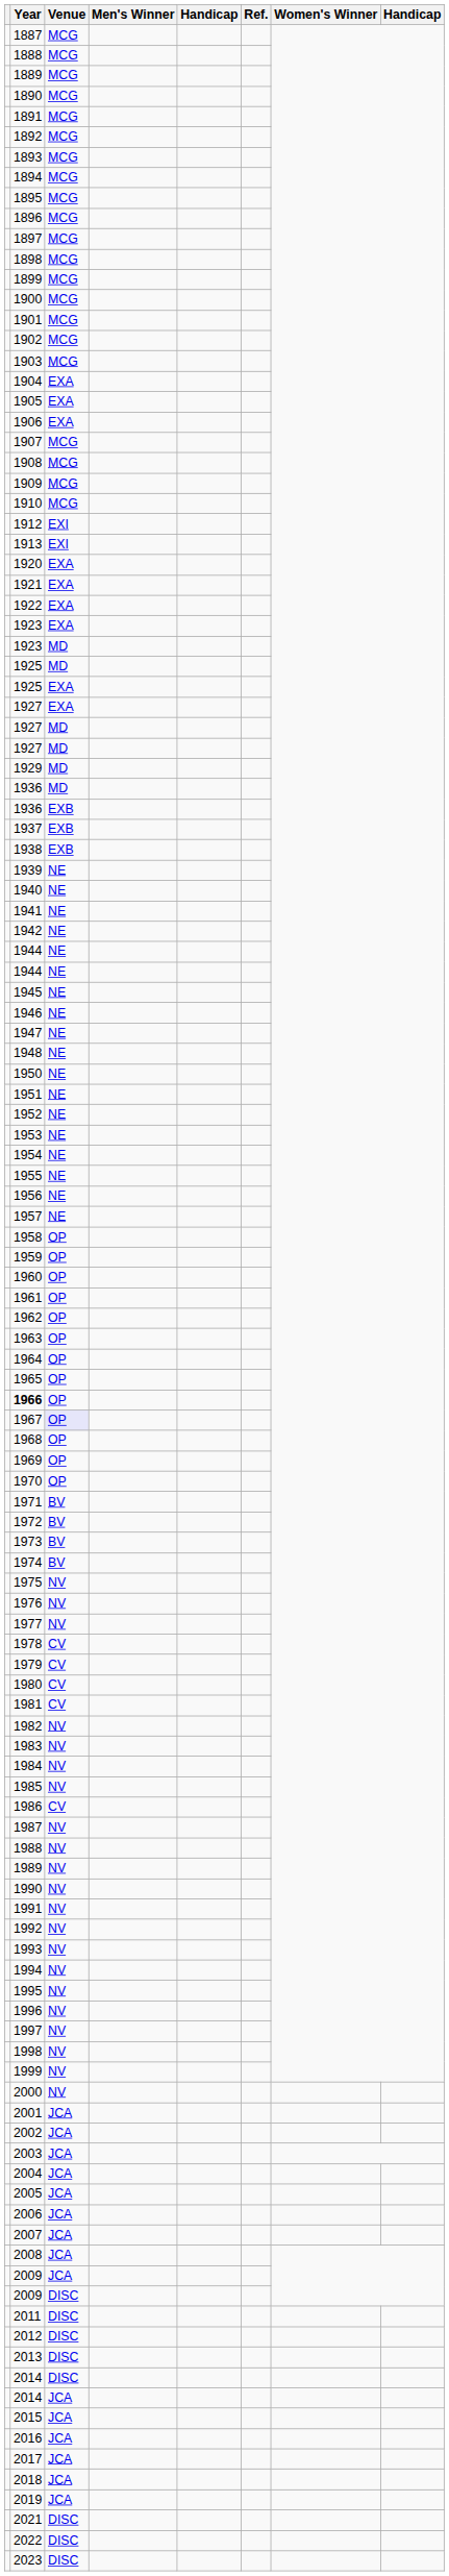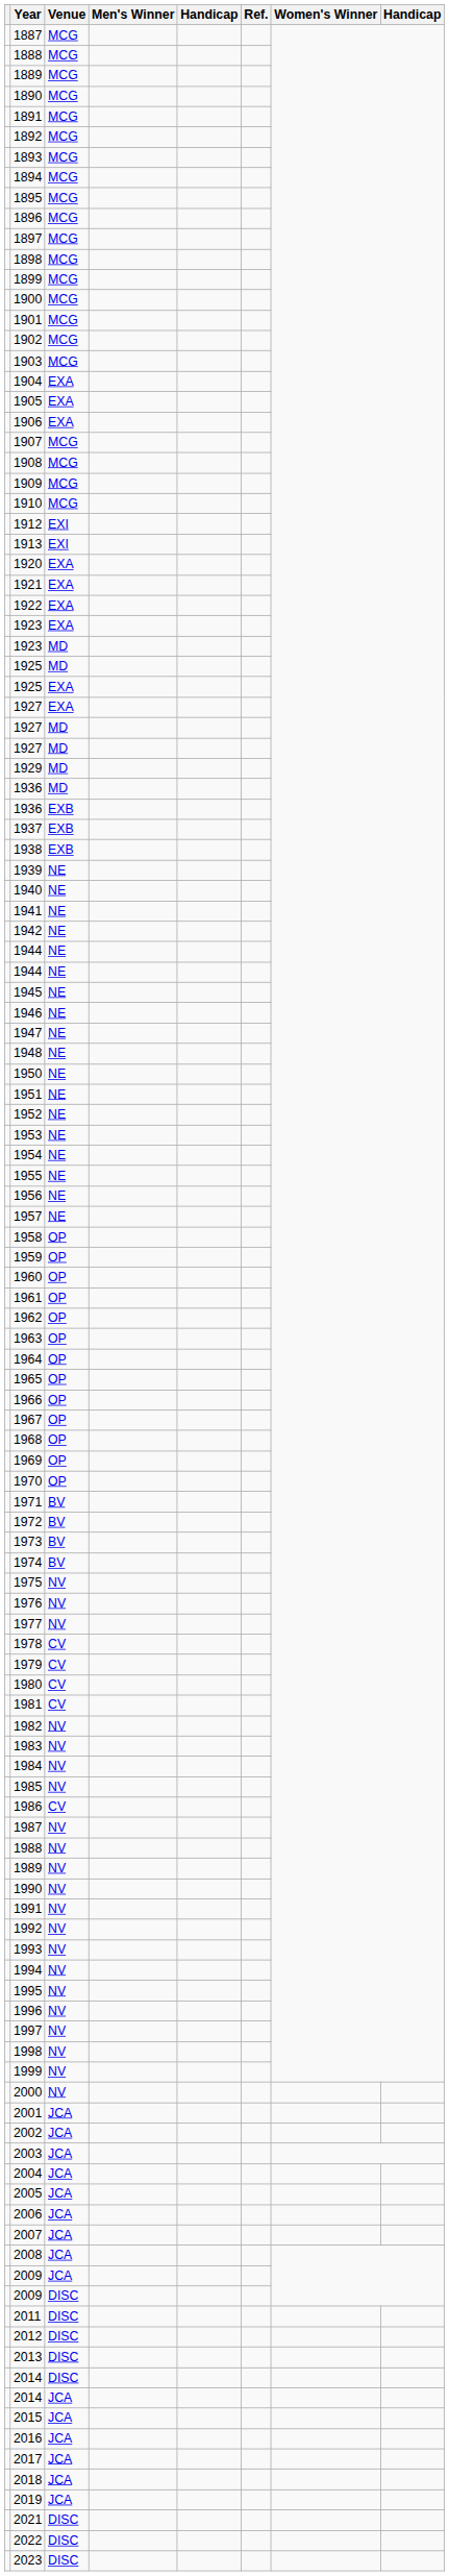 <table class="wikitable sortable">
 <tr>
 <th scope=col></th>
 <th scope=col>Year</th>
 <th scope=col>Venue</th>
 <th scope=col>Men's Winner</th>
 <th scope=col>Handicap</th>
 <th class=unsortable>Ref.</th>
 <th scope=col>Women's Winner</th>
 <th scope=col>Handicap</th>
 </tr>
 <tr>
 <td></td>
 <td>1887 </td>
 <td><a href='#'>MCG</a></td>
 <td></td>
 <td></td>
 <td></td>
 </tr>
 <tr>
 <td></td>
 <td>1888 </td>
 <td><a href='#'>MCG</a></td>
 <td></td>
 <td></td>
 <td></td>
 </tr>
 <tr>
 <td></td>
 <td>1889 </td>
 <td><a href='#'>MCG</a></td>
 <td></td>
 <td></td>
 <td></td>
 </tr>
 <tr>
 <td></td>
 <td>1890 </td>
 <td><a href='#'>MCG</a></td>
 <td></td>
 <td></td>
 <td></td>
 </tr>
 <tr>
 <td></td>
 <td>1891 </td>
 <td><a href='#'>MCG</a></td>
 <td></td>
 <td></td>
 <td></td>
 </tr>
 <tr>
 <td></td>
 <td>1892 </td>
 <td><a href='#'>MCG</a></td>
 <td></td>
 <td></td>
 <td></td>
 </tr>
 <tr>
 <td></td>
 <td>1893</td>
 <td><a href='#'>MCG</a></td>
 <td></td>
 <td></td>
 <td></td>
 </tr>
 <tr>
 <td></td>
 <td>1894</td>
 <td><a href='#'>MCG</a></td>
 <td></td>
 <td></td>
 <td></td>
 </tr>
 <tr>
 <td></td>
 <td>1895</td>
 <td><a href='#'>MCG</a></td>
 <td></td>
 <td></td>
 <td></td>
 </tr>
 <tr>
 <td></td>
 <td>1896</td>
 <td><a href='#'>MCG</a></td>
 <td></td>
 <td></td>
 <td></td>
 </tr>
 <tr>
 <td></td>
 <td>1897</td>
 <td><a href='#'>MCG</a></td>
 <td></td>
 <td></td>
 <td></td>
 </tr>
 <tr>
 <td></td>
 <td>1898</td>
 <td><a href='#'>MCG</a></td>
 <td></td>
 <td></td>
 <td></td>
 </tr>
 <tr>
 <td></td>
 <td>1899</td>
 <td><a href='#'>MCG</a></td>
 <td></td>
 <td></td>
 <td></td>
 </tr>
 <tr>
 <td></td>
 <td>1900</td>
 <td><a href='#'>MCG</a></td>
 <td></td>
 <td></td>
 <td></td>
 </tr>
 <tr>
 <td></td>
 <td>1901</td>
 <td><a href='#'>MCG</a></td>
 <td></td>
 <td></td>
 <td></td>
 </tr>
 <tr>
 <td></td>
 <td>1902</td>
 <td><a href='#'>MCG</a></td>
 <td></td>
 <td></td>
 <td></td>
 </tr>
 <tr>
 <td></td>
 <td>1903</td>
 <td><a href='#'>MCG</a></td>
 <td></td>
 <td></td>
 <td></td>
 </tr>
 <tr>
 <td></td>
 <td>1904</td>
 <td><a href='#'>EXA</a></td>
 <td></td>
 <td></td>
 <td></td>
 </tr>
 <tr>
 <td></td>
 <td>1905</td>
 <td><a href='#'>EXA</a></td>
 <td></td>
 <td></td>
 <td></td>
 </tr>
 <tr>
 <td></td>
 <td>1906</td>
 <td><a href='#'>EXA</a></td>
 <td></td>
 <td></td>
 <td></td>
 </tr>
 <tr>
 <td></td>
 <td>1907</td>
 <td><a href='#'>MCG</a></td>
 <td></td>
 <td></td>
 <td></td>
 </tr>
 <tr>
 <td></td>
 <td>1908</td>
 <td><a href='#'>MCG</a></td>
 <td></td>
 <td></td>
 <td></td>
 </tr>
 <tr>
 <td></td>
 <td>1909</td>
 <td><a href='#'>MCG</a></td>
 <td></td>
 <td></td>
 <td></td>
 </tr>
 <tr>
 <td></td>
 <td>1910</td>
 <td><a href='#'>MCG</a></td>
 <td></td>
 <td></td>
 <td></td>
 </tr>
 <tr>
 <td></td>
 <td>1912</td>
 <td><a href='#'>EXI</a></td>
 <td></td>
 <td></td>
 <td></td>
 </tr>
 <tr>
 <td></td>
 <td>1913</td>
 <td><a href='#'>EXI</a></td>
 <td></td>
 <td></td>
 <td></td>
 </tr>
 <tr>
 <td></td>
 <td>1920</td>
 <td><a href='#'>EXA</a></td>
 <td></td>
 <td></td>
 <td></td>
 </tr>
 <tr>
 <td></td>
 <td>1921</td>
 <td><a href='#'>EXA</a></td>
 <td></td>
 <td></td>
 <td></td>
 </tr>
 <tr>
 <td></td>
 <td>1922</td>
 <td><a href='#'>EXA</a></td>
 <td></td>
 <td></td>
 <td></td>
 </tr>
 <tr>
 <td></td>
 <td>1923</td>
 <td><a href='#'>EXA</a></td>
 <td></td>
 <td></td>
 <td></td>
 </tr>
 <tr>
 <td></td>
 <td>1923</td>
 <td><a href='#'>MD</a></td>
 <td></td>
 <td></td>
 <td></td>
 </tr>
 <tr>
 <td></td>
 <td>1925</td>
 <td><a href='#'>MD</a></td>
 <td></td>
 <td></td>
 <td></td>
 </tr>
 <tr>
 <td></td>
 <td>1925</td>
 <td><a href='#'>EXA</a></td>
 <td></td>
 <td></td>
 <td></td>
 </tr>
 <tr>
 <td></td>
 <td>1927 </td>
 <td><a href='#'>EXA</a></td>
 <td></td>
 <td></td>
 <td></td>
 </tr>
 <tr>
 <td></td>
 <td>1927 </td>
 <td><a href='#'>MD</a></td>
 <td></td>
 <td></td>
 <td></td>
 </tr>
 <tr>
 <td></td>
 <td>1927 </td>
 <td><a href='#'>MD</a></td>
 <td></td>
 <td></td>
 <td></td>
 </tr>
 <tr>
 <td></td>
 <td>1929</td>
 <td><a href='#'>MD</a></td>
 <td></td>
 <td></td>
 <td></td>
 </tr>
 <tr>
 <td></td>
 <td>1936 </td>
 <td><a href='#'>MD</a></td>
 <td></td>
 <td></td>
 <td></td>
 </tr>
 <tr>
 <td></td>
 <td>1936 </td>
 <td><a href='#'>EXB</a></td>
 <td></td>
 <td></td>
 <td></td>
 </tr>
 <tr>
 <td></td>
 <td>1937</td>
 <td><a href='#'>EXB</a></td>
 <td></td>
 <td></td>
 <td></td>
 </tr>
 <tr>
 <td></td>
 <td>1938</td>
 <td><a href='#'>EXB</a></td>
 <td></td>
 <td></td>
 <td></td>
 </tr>
 <tr>
 <td></td>
 <td>1939</td>
 <td><a href='#'>NE</a></td>
 <td></td>
 <td></td>
 <td></td>
 </tr>
 <tr>
 <td></td>
 <td>1940</td>
 <td><a href='#'>NE</a></td>
 <td></td>
 <td></td>
 <td></td>
 </tr>
 <tr>
 <td></td>
 <td>1941</td>
 <td><a href='#'>NE</a></td>
 <td></td>
 <td></td>
 <td></td>
 </tr>
 <tr>
 <td></td>
 <td>1942</td>
 <td><a href='#'>NE</a></td>
 <td></td>
 <td></td>
 <td></td>
 </tr>
 <tr>
 <td></td>
 <td>1944 </td>
 <td><a href='#'>NE</a></td>
 <td></td>
 <td></td>
 <td></td>
 </tr>
 <tr>
 <td></td>
 <td>1944 </td>
 <td><a href='#'>NE</a></td>
 <td> </td>
 <td></td>
 <td></td>
 </tr>
 <tr>
 <td></td>
 <td>1945</td>
 <td><a href='#'>NE</a></td>
 <td></td>
 <td></td>
 <td></td>
 </tr>
 <tr>
 <td></td>
 <td>1946</td>
 <td><a href='#'>NE</a></td>
 <td></td>
 <td></td>
 <td></td>
 </tr>
 <tr>
 <td></td>
 <td>1947</td>
 <td><a href='#'>NE</a></td>
 <td></td>
 <td></td>
 <td></td>
 </tr>
 <tr>
 <td></td>
 <td>1948</td>
 <td><a href='#'>NE</a></td>
 <td></td>
 <td></td>
 <td></td>
 </tr>
 <tr>
 <td></td>
 <td>1950</td>
 <td><a href='#'>NE</a></td>
 <td></td>
 <td></td>
 <td></td>
 </tr>
 <tr>
 <td></td>
 <td>1951</td>
 <td><a href='#'>NE</a></td>
 <td></td>
 <td></td>
 <td></td>
 </tr>
 <tr>
 <td></td>
 <td>1952</td>
 <td><a href='#'>NE</a></td>
 <td></td>
 <td></td>
 <td></td>
 </tr>
 <tr>
 <td></td>
 <td>1953</td>
 <td><a href='#'>NE</a></td>
 <td></td>
 <td></td>
 <td></td>
 </tr>
 <tr>
 <td></td>
 <td>1954</td>
 <td><a href='#'>NE</a></td>
 <td></td>
 <td></td>
 <td></td>
 </tr>
 <tr>
 <td></td>
 <td>1955</td>
 <td><a href='#'>NE</a></td>
 <td></td>
 <td></td>
 <td></td>
 </tr>
 <tr>
 <td></td>
 <td>1956</td>
 <td><a href='#'>NE</a></td>
 <td></td>
 <td></td>
 <td></td>
 </tr>
 <tr>
 <td></td>
 <td>1957</td>
 <td><a href='#'>NE</a></td>
 <td></td>
 <td></td>
 <td></td>
 </tr>
 <tr>
 <td></td>
 <td>1958</td>
 <td><a href='#'>OP</a></td>
 <td></td>
 <td></td>
 <td></td>
 </tr>
 <tr>
 <td></td>
 <td>1959</td>
 <td><a href='#'>OP</a></td>
 <td></td>
 <td></td>
 <td></td>
 </tr>
 <tr>
 <td></td>
 <td>1960</td>
 <td><a href='#'>OP</a></td>
 <td></td>
 <td></td>
 <td></td>
 </tr>
 <tr>
 <td></td>
 <td>1961</td>
 <td><a href='#'>OP</a></td>
 <td></td>
 <td></td>
 <td></td>
 </tr>
 <tr>
 <td></td>
 <td>1962</td>
 <td><a href='#'>OP</a></td>
 <td></td>
 <td></td>
 <td></td>
 </tr>
 <tr>
 <td></td>
 <td>1963</td>
 <td><a href='#'>OP</a></td>
 <td></td>
 <td></td>
 <td></td>
 </tr>
 <tr>
 <td></td>
 <td>1964</td>
 <td><a href='#'>OP</a></td>
 <td></td>
 <td></td>
 <td></td>
 </tr>
 <tr>
 <td></td>
 <td>1965</td>
 <td><a href='#'>OP</a></td>
 <td></td>
 <td></td>
 <td></td>
 </tr>
 <tr>
 <td></td>
-<td><strong>1966</strong></td>
+<td>1966</td>
 <td><a href='#'>OP</a></td>
 <td></td>
 <td></td>
 <td></td>
 </tr>
 <tr>
 <td></td>
 <td>1967</td>
-<td style="background: lavender;"><a href='#'>OP</a></td>
+<td><a href='#'>OP</a></td>
 <td></td>
 <td></td>
 <td></td>
 </tr>
 <tr>
 <td></td>
 <td>1968</td>
 <td><a href='#'>OP</a></td>
 <td></td>
 <td></td>
 <td></td>
 </tr>
 <tr>
 <td></td>
 <td>1969</td>
 <td><a href='#'>OP</a></td>
 <td></td>
 <td></td>
 <td></td>
 </tr>
 <tr>
 <td></td>
 <td>1970</td>
 <td><a href='#'>OP</a></td>
 <td></td>
 <td></td>
 <td></td>
 </tr>
 <tr>
 <td></td>
 <td>1971</td>
 <td><a href='#'>BV</a></td>
 <td></td>
 <td></td>
 <td></td>
 </tr>
 <tr>
 <td></td>
 <td>1972</td>
 <td><a href='#'>BV</a></td>
 <td></td>
 <td></td>
 <td></td>
 </tr>
 <tr>
 <td></td>
 <td>1973</td>
 <td><a href='#'>BV</a></td>
 <td> </td>
 <td></td>
 <td></td>
 </tr>
 <tr>
 <td></td>
 <td>1974</td>
 <td><a href='#'>BV</a></td>
 <td></td>
 <td></td>
 <td></td>
 </tr>
 <tr>
 <td></td>
 <td>1975</td>
 <td><a href='#'>NV</a></td>
 <td></td>
 <td></td>
 <td></td>
 </tr>
 <tr>
 <td></td>
 <td>1976</td>
 <td><a href='#'>NV</a></td>
 <td></td>
 <td></td>
 <td></td>
 </tr>
 <tr>
 <td></td>
 <td>1977</td>
 <td><a href='#'>NV</a></td>
 <td></td>
 <td></td>
 <td></td>
 </tr>
 <tr>
 <td></td>
 <td>1978</td>
 <td><a href='#'>CV</a></td>
 <td> </td>
 <td></td>
 <td></td>
 </tr>
 <tr>
 <td></td>
 <td>1979</td>
 <td><a href='#'>CV</a></td>
 <td></td>
 <td></td>
 <td></td>
 </tr>
 <tr>
 <td></td>
 <td>1980</td>
 <td><a href='#'>CV</a></td>
 <td></td>
 <td></td>
 <td></td>
 </tr>
 <tr>
 <td></td>
 <td>1981</td>
 <td><a href='#'>CV</a></td>
 <td></td>
 <td></td>
 <td></td>
 </tr>
 <tr>
 <td></td>
 <td>1982</td>
 <td><a href='#'>NV</a></td>
 <td></td>
 <td></td>
 <td></td>
 </tr>
 <tr>
 <td></td>
 <td>1983</td>
 <td><a href='#'>NV</a></td>
 <td></td>
 <td></td>
 <td></td>
 </tr>
 <tr>
 <td></td>
 <td>1984</td>
 <td><a href='#'>NV</a></td>
 <td></td>
 <td></td>
 <td></td>
 </tr>
 <tr>
 <td></td>
 <td>1985</td>
 <td><a href='#'>NV</a></td>
 <td></td>
 <td></td>
 <td></td>
 </tr>
 <tr>
 <td></td>
 <td>1986</td>
 <td><a href='#'>CV</a></td>
 <td></td>
 <td></td>
 <td></td>
 </tr>
 <tr>
 <td></td>
 <td>1987</td>
 <td><a href='#'>NV</a></td>
 <td></td>
 <td></td>
 <td></td>
 </tr>
 <tr>
 <td></td>
 <td>1988</td>
 <td><a href='#'>NV</a></td>
 <td></td>
 <td></td>
 <td></td>
 </tr>
 <tr>
 <td></td>
 <td>1989</td>
 <td><a href='#'>NV</a></td>
 <td></td>
 <td></td>
 <td></td>
 </tr>
 <tr>
 <td></td>
 <td>1990</td>
 <td><a href='#'>NV</a></td>
 <td></td>
 <td></td>
 <td></td>
 </tr>
 <tr>
 <td></td>
 <td>1991</td>
 <td><a href='#'>NV</a></td>
 <td></td>
 <td></td>
 <td></td>
 </tr>
 <tr>
 <td></td>
 <td>1992</td>
 <td><a href='#'>NV</a></td>
 <td></td>
 <td></td>
 <td></td>
 </tr>
 <tr>
 <td></td>
 <td>1993</td>
 <td><a href='#'>NV</a></td>
 <td></td>
 <td></td>
 <td></td>
 </tr>
 <tr>
 <td></td>
 <td>1994</td>
 <td><a href='#'>NV</a></td>
 <td></td>
 <td></td>
 <td></td>
 </tr>
 <tr>
 <td></td>
 <td>1995</td>
 <td><a href='#'>NV</a></td>
 <td></td>
 <td></td>
 <td></td>
 </tr>
 <tr>
 <td></td>
 <td>1996</td>
 <td><a href='#'>NV</a></td>
 <td></td>
 <td></td>
 <td></td>
 </tr>
 <tr>
 <td></td>
 <td>1997</td>
 <td><a href='#'>NV</a></td>
 <td></td>
 <td></td>
 <td></td>
 </tr>
 <tr>
 <td></td>
 <td>1998</td>
 <td><a href='#'>NV</a></td>
 <td></td>
 <td></td>
 <td></td>
 </tr>
 <tr>
 <td></td>
 <td>1999</td>
 <td><a href='#'>NV</a></td>
 <td></td>
 <td></td>
 <td></td>
 </tr>
 <tr>
 <td></td>
 <td>2000</td>
 <td><a href='#'>NV</a></td>
 <td></td>
 <td></td>
 <td></td>
 <td></td>
 <td></td>
 </tr>
 <tr>
 <td></td>
 <td>2001</td>
 <td><a href='#'>JCA</a></td>
 <td></td>
 <td></td>
 <td></td>
 <td></td>
 <td></td>
 </tr>
 <tr>
 <td></td>
 <td>2002</td>
 <td><a href='#'>JCA</a></td>
 <td></td>
 <td></td>
 <td></td>
 <td></td>
 <td></td>
 </tr>
 <tr>
 <td></td>
 <td>2003</td>
 <td><a href='#'>JCA</a></td>
 <td></td>
 <td></td>
 <td></td>
 </tr>
 <tr>
 <td></td>
 <td>2004</td>
 <td><a href='#'>JCA</a></td>
 <td></td>
 <td></td>
 <td></td>
 <td></td>
 <td></td>
 </tr>
 <tr>
 <td></td>
 <td>2005</td>
 <td><a href='#'>JCA</a></td>
 <td></td>
 <td></td>
 <td></td>
 <td></td>
 <td> </td>
 </tr>
 <tr>
 <td></td>
 <td>2006</td>
 <td><a href='#'>JCA</a></td>
 <td></td>
 <td></td>
 <td></td>
 <td></td>
 <td></td>
 </tr>
 <tr>
 <td></td>
 <td>2007</td>
 <td><a href='#'>JCA</a></td>
 <td></td>
 <td></td>
 <td></td>
 <td></td>
 <td> </td>
 </tr>
 <tr>
 <td></td>
 <td>2008</td>
 <td><a href='#'>JCA</a></td>
 <td></td>
 <td></td>
 <td></td>
 </tr>
 <tr>
 <td></td>
 <td>2009 </td>
 <td><a href='#'>JCA</a></td>
 <td></td>
 <td></td>
 <td></td>
 </tr>
 <tr>
 <td></td>
 <td>2009 </td>
 <td><a href='#'>DISC</a></td>
 <td> </td>
 <td></td>
 <td></td>
 </tr>
 <tr>
 <td></td>
 <td>2011</td>
 <td><a href='#'>DISC</a></td>
 <td></td>
 <td></td>
 <td></td>
 <td></td>
 <td></td>
 </tr>
 <tr>
 <td></td>
 <td>2012</td>
 <td><a href='#'>DISC</a></td>
 <td></td>
 <td></td>
 <td></td>
 <td></td>
 <td></td>
 </tr>
 <tr>
 <td></td>
 <td>2013</td>
 <td><a href='#'>DISC</a></td>
 <td></td>
 <td></td>
 <td></td>
 <td></td>
 <td></td>
 </tr>
 <tr>
 <td></td>
 <td>2014 </td>
 <td><a href='#'>DISC</a></td>
 <td></td>
 <td></td>
 <td></td>
 <td></td>
 <td></td>
 </tr>
 <tr>
 <td></td>
 <td>2014 </td>
 <td><a href='#'>JCA</a></td>
 <td></td>
 <td></td>
 <td></td>
 <td></td>
 <td></td>
 </tr>
 <tr>
 <td></td>
 <td>2015</td>
 <td><a href='#'>JCA</a></td>
 <td></td>
 <td></td>
 <td></td>
 <td></td>
 <td></td>
 </tr>
 <tr>
 <td></td>
 <td>2016</td>
 <td><a href='#'>JCA</a></td>
 <td></td>
 <td></td>
 <td></td>
 <td></td>
 <td></td>
 </tr>
 <tr>
 <td></td>
 <td>2017</td>
 <td><a href='#'>JCA</a></td>
 <td></td>
 <td></td>
 <td></td>
 <td></td>
 <td></td>
 </tr>
 <tr>
 <td></td>
 <td>2018</td>
 <td><a href='#'>JCA</a></td>
 <td></td>
 <td></td>
 <td></td>
 <td></td>
 <td></td>
 </tr>
 <tr>
 <td></td>
 <td>2019</td>
 <td><a href='#'>JCA</a></td>
 <td></td>
 <td></td>
 <td></td>
 <td></td>
 <td></td>
 </tr>
 <tr>
 <td></td>
 <td>2021</td>
 <td><a href='#'>DISC</a></td>
 <td></td>
 <td></td>
 <td></td>
 <td></td>
 <td></td>
 </tr>
 <tr>
 <td></td>
 <td>2022</td>
 <td><a href='#'>DISC</a></td>
 <td></td>
 <td></td>
 <td></td>
 <td></td>
 <td></td>
 </tr>
 <tr>
 <td></td>
 <td>2023</td>
 <td><a href='#'>DISC</a></td>
 <td></td>
 <td></td>
 <td></td>
 <td></td>
 <td></td>
 </tr>
 </table>
